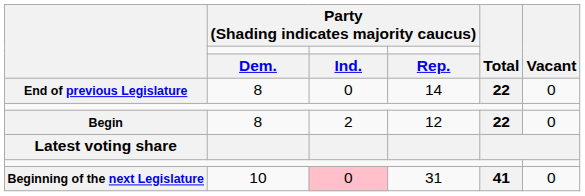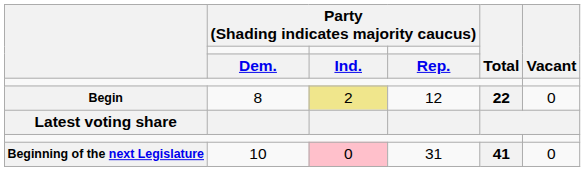 <table class=wikitable style="text-align:center">
 <tr style="vertical-align:bottom;">
 <th rowspan=3></th>
 <th colspan=3>Party <div>(Shading indicates majority caucus)</div></th>
 <th rowspan=3>Total</th>
 <th rowspan=3>Vacant</th>
 </tr>
 <tr style="height:5px">
 <td style="background-color:"></td>
 <td style="background-color:"></td>
 <td style="background-color:"></td>
 </tr>
 <tr>
 <th><a href='#'>Dem.</a></th>
 <th><a href='#'>Ind.</a></th>
 <th><a href='#'>Rep.</a></th>
 </tr>
 <tr>
-<th style="white-space:nowrap; font-size:80%;">End of <a href='#'>previous Legislature</a></th>
-<td>8</td>
-<td>0</td>
-<td>14</td>
-<th>22</th>
-<td>0</td>
-</tr>
-<tr>
 <td colspan=5></td>
 </tr>
 <tr>
 <th style="font-size:80%">Begin</th>
 <td>8</td>
-<td>2</td>
+<td style="background: khaki;">2</td>
 <td>12</td>
 <th>22</th>
 <td>0</td>
 </tr>
 <tr>
 <th>Latest voting share</th>
 <th></th>
 <th></th>
 <th></th>
 <th colspan=2></th>
 </tr>
 <tr>
 <td colspan=5></td>
 </tr>
 <tr>
 <th style="white-space:nowrap; font-size:80%;">Beginning of the <a href='#'>next Legislature</a></th>
 <td>10</td>
 <td style="background: pink;">0</td>
 <td>31</td>
 <th>41</th>
 <td>0</td>
 </tr>
 </table>
